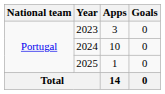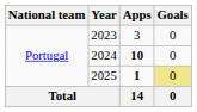 <table class="wikitable" style="text-align:center">
 <tr>
 <th>National team</th>
 <th>Year</th>
 <th>Apps</th>
 <th>Goals</th>
 </tr>
 <tr>
 <td rowspan="3"><a href='#'>Portugal</a></td>
 <td>2023</td>
 <td>3</td>
 <td>0</td>
 </tr>
 <tr>
 <td>2024</td>
-<td>10</td>
+<td><strong>10</strong></td>
 <td>0</td>
 </tr>
 <tr>
 <td>2025</td>
-<td>1</td>
-<td>0</td>
+<td><strong>1</strong></td>
+<td style="background: khaki;">0</td>
 </tr>
 <tr>
 <th colspan="2">Total</th>
 <th>14</th>
 <th>0</th>
 </tr>
 </table>
